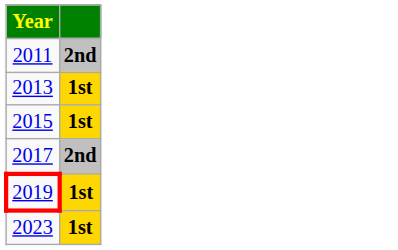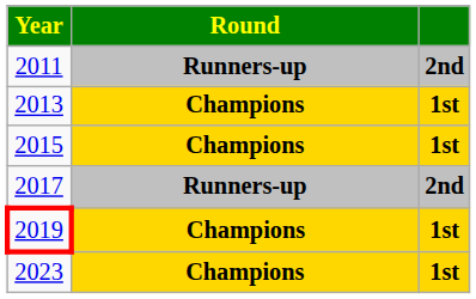 <table class="wikitable" style="text-align: center; font-size:90%">
 <tr style="color:yellow;">
 <th style="background:green;">Year</th>
+<th style="background:green; width:200px">Round</th>
 <th style="background:green;"></th>
 </tr>
 <tr>
 <td><a href='#'>2011</a></td>
+<td bgcolor=Silver><strong>Runners-up</strong></td>
 <td bgcolor=Silver><strong>2nd</strong></td>
 </tr>
 <tr>
 <td><a href='#'>2013</a></td>
+<td bgcolor=Gold><strong>Champions</strong></td>
 <td bgcolor=Gold><strong>1st</strong></td>
 </tr>
 <tr>
 <td><a href='#'>2015</a></td>
+<td bgcolor=Gold><strong>Champions</strong></td>
 <td bgcolor=Gold><strong>1st</strong></td>
 </tr>
 <tr>
 <td><a href='#'>2017</a></td>
+<td bgcolor=Silver><strong>Runners-up</strong></td>
 <td bgcolor=Silver><strong>2nd</strong></td>
 </tr>
 <tr>
 <td style="border: 3px solid red"><a href='#'>2019</a></td>
+<td bgcolor=Gold><strong>Champions</strong></td>
 <td bgcolor=Gold><strong>1st</strong></td>
 </tr>
 <tr>
 <td><a href='#'>2023</a></td>
+<td bgcolor=Gold><strong>Champions</strong></td>
 <td bgcolor=Gold><strong>1st</strong></td>
 </tr>
 </table>
